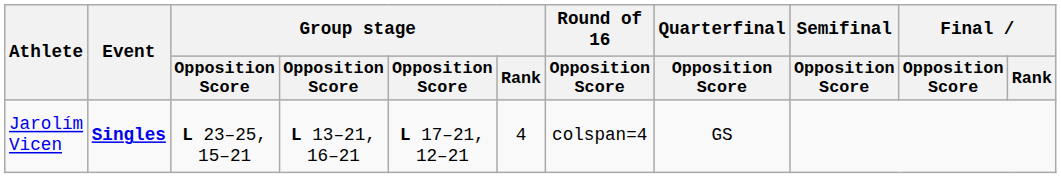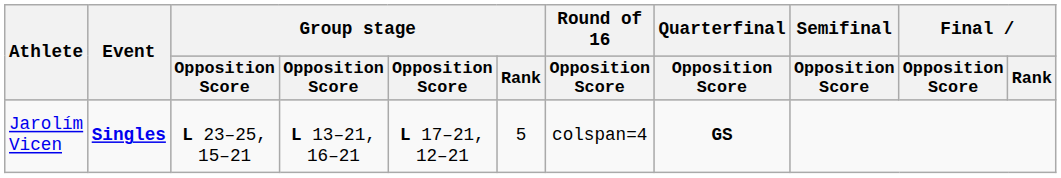 <table class="wikitable" style="font-size:90%">
 <tr>
 <th rowspan=2>Athlete</th>
 <th rowspan=2>Event</th>
 <th colspan=4>Group stage</th>
 <th>Round of 16</th>
 <th>Quarterfinal</th>
 <th>Semifinal</th>
 <th colspan=2>Final / </th>
 </tr>
 <tr style="font-size:95%">
 <th>Opposition<br>Score</th>
 <th>Opposition<br>Score</th>
 <th>Opposition<br>Score</th>
 <th>Rank</th>
 <th>Opposition<br>Score</th>
 <th>Opposition<br>Score</th>
 <th>Opposition<br>Score</th>
 <th>Opposition<br>Score</th>
 <th>Rank</th>
 </tr>
 <tr align=center>
 <td align=left><a href='#'>Jarolím Vicen</a></td>
 <td align=left><strong><a href='#'>Singles</a></strong></td>
 <td><br><strong>L</strong> 23–25, 15–21</td>
 <td><br> <strong>L</strong> 13–21, 16–21</td>
 <td><br><strong>L</strong> 17–21, 12–21</td>
-<td>4</td>
+<td>5</td>
 <td>colspan=4 </td>
-<td>GS</td>
+<td><strong>GS</strong></td>
 </tr>
 </table>
